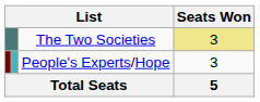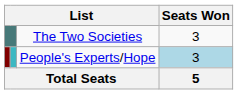 <table class="wikitable" style="text-align:center; margin-left:1em; font-size:91%; float:right;">
 <tr>
 <th colspan=3>List</th>
 <th>Seats Won</th>
 </tr>
 <tr>
 <td style="background:#477979;" colspan="2"></td>
 <td><a href='#'>The Two Societies</a></td>
-<td style="background: khaki;">3</td>
+<td>3</td>
 </tr>
 <tr>
 <td style="background:#800000;"></td>
 <td style="background:#3cb8c2;"></td>
 <td><a href='#'>People's Experts</a>/<a href='#'>Hope</a></td>
-<td>3</td>
+<td style="background: lightblue;">3</td>
 </tr>
 <tr>
 <th colspan=3>Total Seats</th>
 <th colspan=2>5</th>
 </tr>
 </table>
